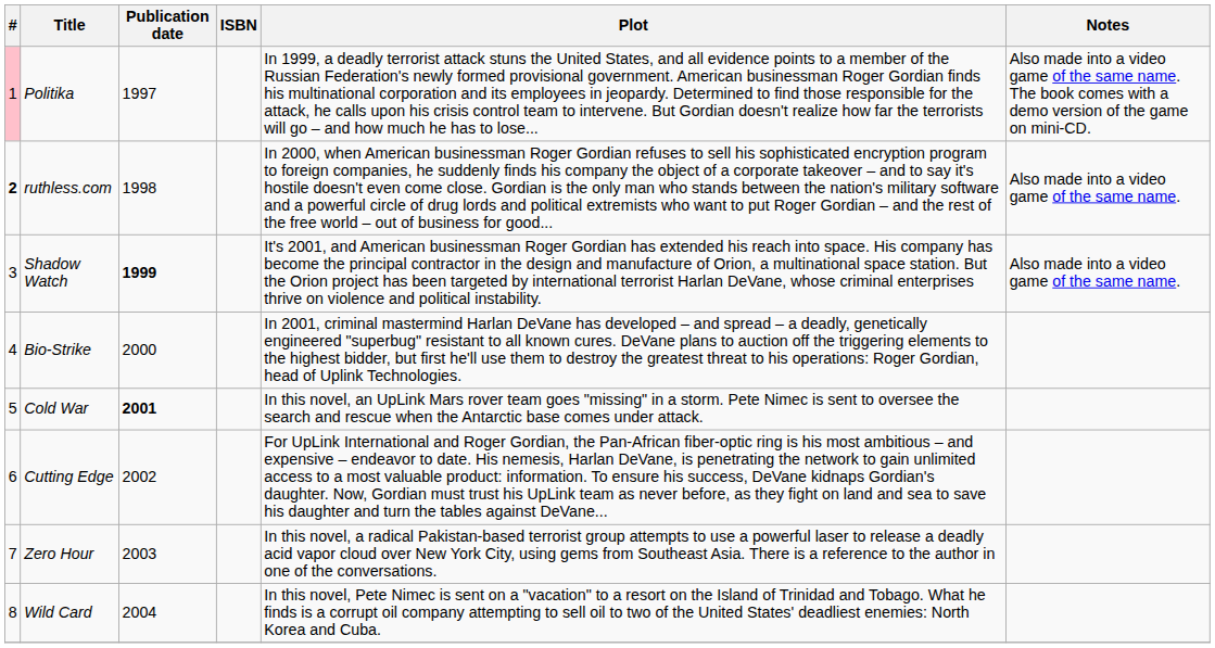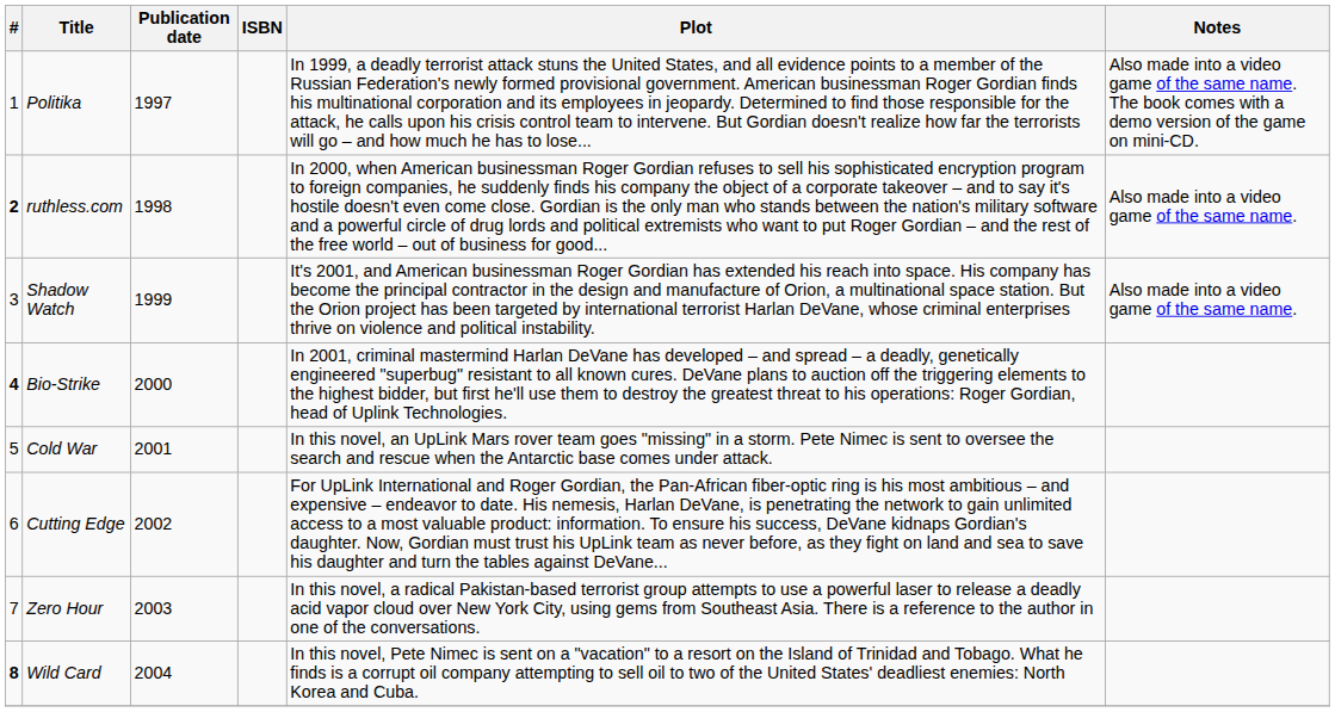 <table class="wikitable">
 <tr>
 <th>#</th>
 <th>Title</th>
 <th>Publication date</th>
 <th>ISBN</th>
 <th>Plot</th>
 <th>Notes</th>
 </tr>
 <tr>
-<td style="background: pink;">1</td>
+<td>1</td>
 <td><em>Politika</em></td>
 <td>1997</td>
 <td></td>
 <td>In 1999, a deadly terrorist attack stuns the United States, and all evidence points to a member of the Russian Federation's newly formed provisional government. American businessman Roger Gordian finds his multinational corporation and its employees in jeopardy. Determined to find those responsible for the attack, he calls upon his crisis control team to intervene. But Gordian doesn't realize how far the terrorists will go – and how much he has to lose...</td>
 <td>Also made into a video game <a href='#'>of the same name</a>. The book comes with a demo version of the game on mini-CD.</td>
 </tr>
 <tr>
 <td><strong>2</strong></td>
 <td><em>ruthless.com</em></td>
 <td>1998</td>
 <td></td>
 <td>In 2000, when American businessman Roger Gordian refuses to sell his sophisticated encryption program to foreign companies, he suddenly finds his company the object of a corporate takeover – and to say it's hostile doesn't even come close. Gordian is the only man who stands between the nation's military software and a powerful circle of drug lords and political extremists who want to put Roger Gordian – and the rest of the free world – out of business for good...</td>
 <td>Also made into a video game <a href='#'>of the same name</a>.</td>
 </tr>
 <tr>
 <td>3</td>
 <td><em>Shadow Watch</em></td>
-<td><strong>1999</strong></td>
+<td>1999</td>
 <td></td>
 <td>It's 2001, and American businessman Roger Gordian has extended his reach into space. His company has become the principal contractor in the design and manufacture of Orion, a multinational space station. But the Orion project has been targeted by international terrorist Harlan DeVane, whose criminal enterprises thrive on violence and political instability.</td>
 <td>Also made into a video game <a href='#'>of the same name</a>.</td>
 </tr>
 <tr>
-<td>4</td>
+<td><strong>4</strong></td>
 <td><em>Bio-Strike</em></td>
 <td>2000</td>
 <td></td>
 <td>In 2001, criminal mastermind Harlan DeVane has developed – and spread – a deadly, genetically engineered "superbug" resistant to all known cures. DeVane plans to auction off the triggering elements to the highest bidder, but first he'll use them to destroy the greatest threat to his operations: Roger Gordian, head of Uplink Technologies.</td>
 <td></td>
 </tr>
 <tr>
 <td>5</td>
 <td><em>Cold War</em></td>
-<td><strong>2001</strong></td>
+<td>2001</td>
 <td></td>
 <td>In this novel, an UpLink Mars rover team goes "missing" in a storm. Pete Nimec is sent to oversee the search and rescue when the Antarctic base comes under attack.</td>
 <td></td>
 </tr>
 <tr>
 <td>6</td>
 <td><em>Cutting Edge</em></td>
 <td>2002</td>
 <td></td>
 <td>For UpLink International and Roger Gordian, the Pan-African fiber-optic ring is his most ambitious – and expensive – endeavor to date. His nemesis, Harlan DeVane, is penetrating the network to gain unlimited access to a most valuable product: information. To ensure his success, DeVane kidnaps Gordian's daughter. Now, Gordian must trust his UpLink team as never before, as they fight on land and sea to save his daughter and turn the tables against DeVane...</td>
 <td></td>
 </tr>
 <tr>
 <td>7</td>
 <td><em>Zero Hour</em></td>
 <td>2003</td>
 <td></td>
 <td>In this novel, a radical Pakistan-based terrorist group attempts to use a powerful laser to release a deadly acid vapor cloud over New York City, using gems from Southeast Asia. There is a reference to the author in one of the conversations.</td>
 <td></td>
 </tr>
 <tr>
-<td>8</td>
+<td><strong>8</strong></td>
 <td><em>Wild Card</em></td>
 <td>2004</td>
 <td></td>
 <td>In this novel, Pete Nimec is sent on a "vacation" to a resort on the Island of Trinidad and Tobago. What he finds is a corrupt oil company attempting to sell oil to two of the United States' deadliest enemies: North Korea and Cuba.</td>
 <td></td>
 </tr>
 <tr>
 </tr>
 </table>
